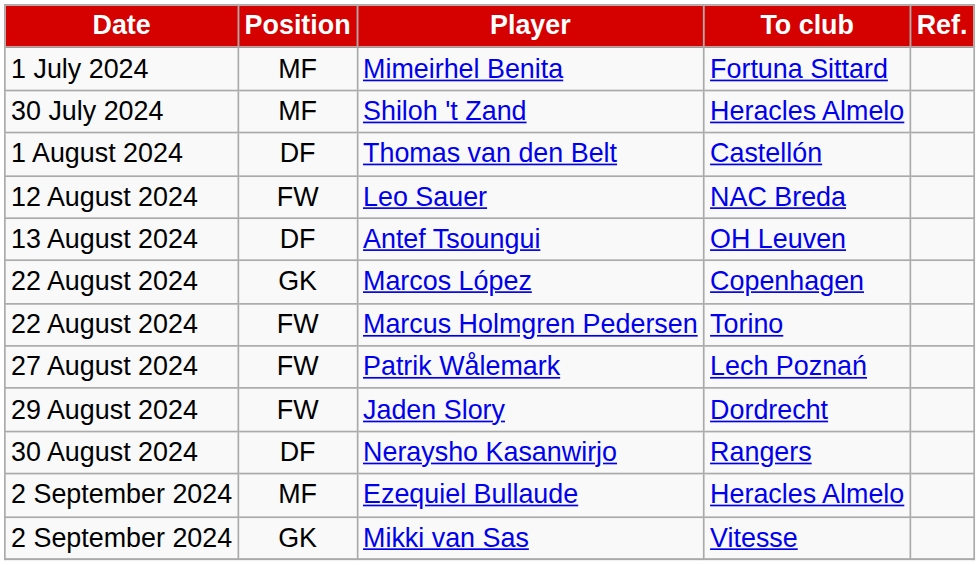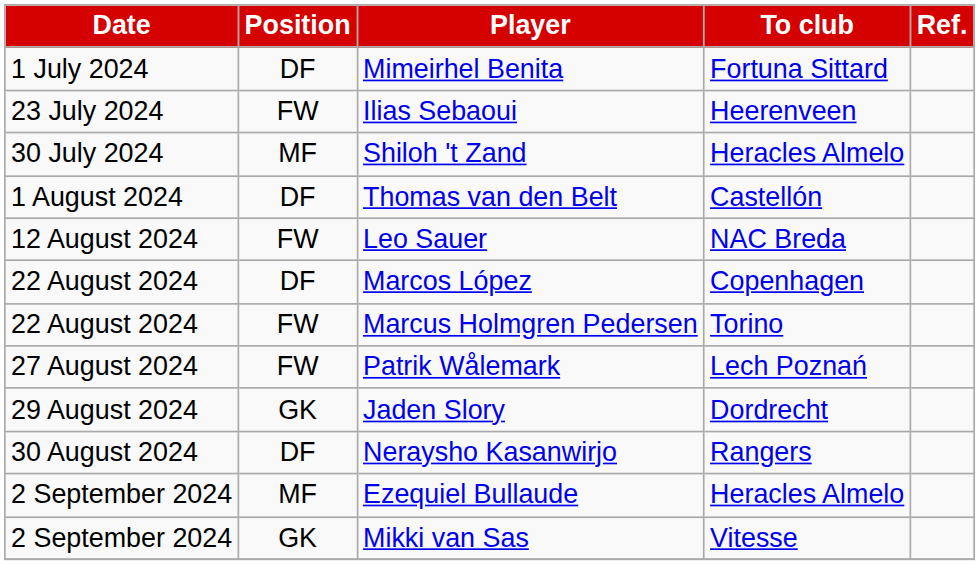 <table class="wikitable sortable">
 <tr>
 <th style="background:#d50000; color:white;">Date</th>
 <th style="background:#d50000; color:white;">Position</th>
 <th style="background:#d50000; color:white;">Player</th>
 <th style="background:#d50000; color:white;">To club</th>
 <th style="background:#d50000; color:white;">Ref.</th>
 </tr>
 <tr>
 <td>1 July 2024</td>
-<td style="text-align:center;">MF</td>
+<td style="text-align:center;">DF</td>
 <td style="text-align;left:"> <a href='#'>Mimeirhel Benita</a></td>
 <td style="text-align:left;"> <a href='#'>Fortuna Sittard</a></td>
+<td></td>
+</tr>
+<tr>
+<td>23 July 2024</td>
+<td style="text-align:center;">FW</td>
+<td style="text-align;left:"> <a href='#'>Ilias Sebaoui</a></td>
+<td style="text-align:left;"> <a href='#'>Heerenveen</a></td>
 <td></td>
 </tr>
 <tr>
 <td>30 July 2024</td>
 <td style="text-align:center;">MF</td>
 <td style="text-align;left:"> <a href='#'>Shiloh 't Zand</a></td>
 <td style="text-align:left;"> <a href='#'>Heracles Almelo</a></td>
 <td></td>
 </tr>
 <tr>
 <td>1 August 2024</td>
 <td style="text-align:center;">DF</td>
 <td style="text-align;left:"> <a href='#'>Thomas van den Belt</a></td>
 <td style="text-align:left;"> <a href='#'>Castellón</a></td>
 <td></td>
 </tr>
 <tr>
 <td>12 August 2024</td>
 <td style="text-align:center;">FW</td>
 <td style="text-align;left:"> <a href='#'>Leo Sauer</a></td>
 <td style="text-align:left;"> <a href='#'>NAC Breda</a></td>
 <td></td>
 </tr>
 <tr>
-<td>13 August 2024</td>
+<td>22 August 2024</td>
 <td style="text-align:center;">DF</td>
-<td style="text-align;left:"> <a href='#'>Antef Tsoungui</a></td>
-<td style="text-align:left;"> <a href='#'>OH Leuven</a></td>
-<td></td>
-</tr>
-<tr>
-<td>22 August 2024</td>
-<td style="text-align:center;">GK</td>
 <td style="text-align;left:"> <a href='#'>Marcos López</a></td>
 <td style="text-align:left;"> <a href='#'>Copenhagen</a></td>
 <td></td>
 </tr>
 <tr>
 <td>22 August 2024</td>
 <td style="text-align:center;">FW</td>
 <td style="text-align;left:"> <a href='#'>Marcus Holmgren Pedersen</a></td>
 <td style="text-align:left;"> <a href='#'>Torino</a></td>
 <td></td>
 </tr>
 <tr>
 <td>27 August 2024</td>
 <td style="text-align:center;">FW</td>
 <td style="text-align;left:"> <a href='#'>Patrik Wålemark</a></td>
 <td style="text-align:left;"> <a href='#'>Lech Poznań</a></td>
 <td></td>
 </tr>
 <tr>
 <td>29 August 2024</td>
-<td style="text-align:center;">FW</td>
+<td style="text-align:center;">GK</td>
 <td style="text-align;left:"> <a href='#'>Jaden Slory</a></td>
 <td style="text-align:left;"> <a href='#'>Dordrecht</a></td>
 <td></td>
 </tr>
 <tr>
 <td>30 August 2024</td>
 <td style="text-align:center;">DF</td>
 <td style="text-align;left:"> <a href='#'>Neraysho Kasanwirjo</a></td>
 <td style="text-align:left;"> <a href='#'>Rangers</a></td>
 <td></td>
 </tr>
 <tr>
 <td>2 September 2024</td>
 <td style="text-align:center;">MF</td>
 <td style="text-align;left:"> <a href='#'>Ezequiel Bullaude</a></td>
 <td style="text-align:left;"> <a href='#'>Heracles Almelo</a></td>
 <td></td>
 </tr>
 <tr>
 <td>2 September 2024</td>
 <td style="text-align:center;">GK</td>
 <td style="text-align;left:"> <a href='#'>Mikki van Sas</a></td>
 <td style="text-align:left;"> <a href='#'>Vitesse</a></td>
 <td></td>
 </tr>
 <tr>
 </tr>
 </table>
